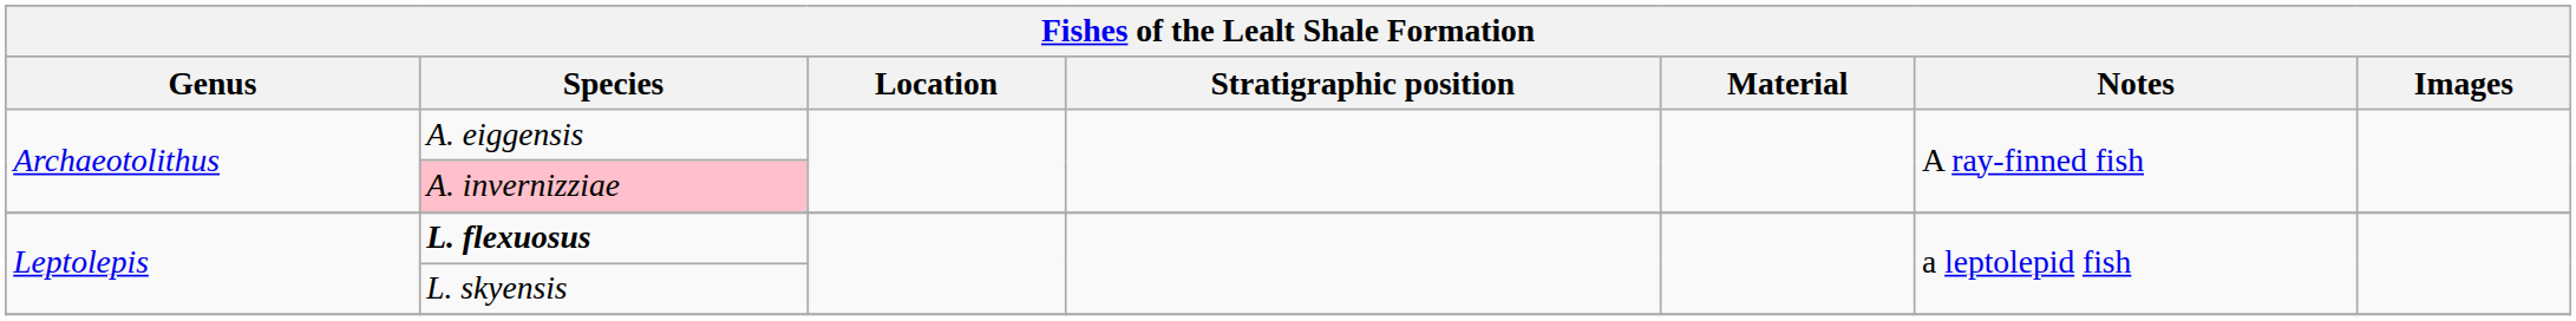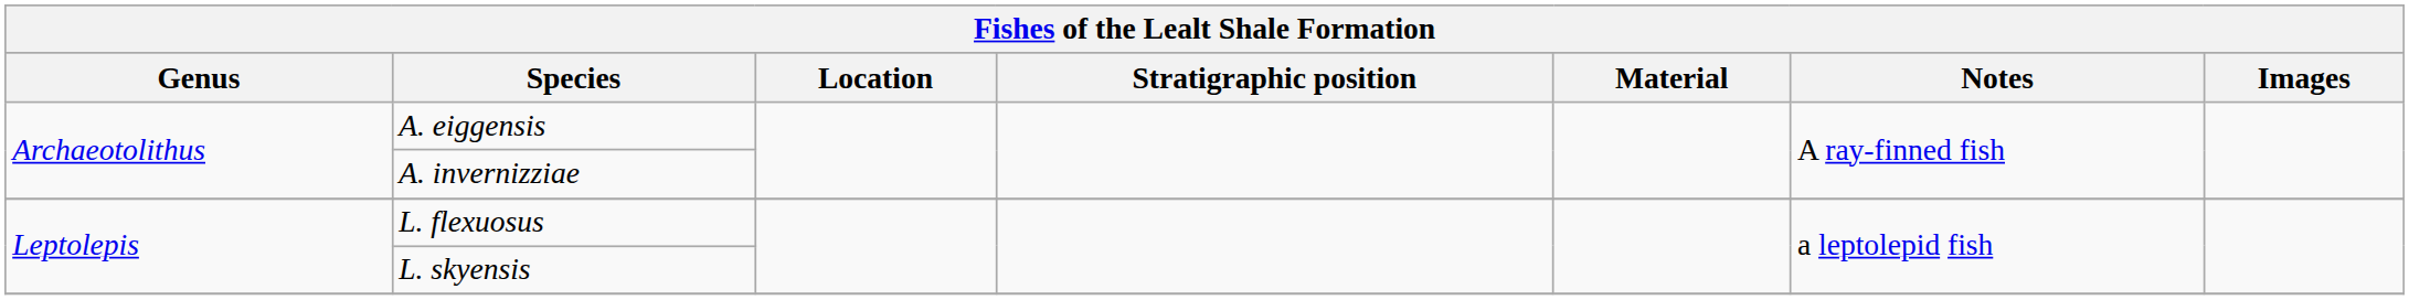 <table class="wikitable" align="center" width="100%">
 <tr>
 <th colspan="7" align="center"><strong><a href='#'>Fishes</a> of the Lealt Shale Formation</strong></th>
 </tr>
 <tr>
 <th>Genus</th>
 <th>Species</th>
 <th>Location</th>
 <th>Stratigraphic position</th>
 <th>Material</th>
 <th>Notes</th>
 <th>Images</th>
 </tr>
 <tr>
 <td rowspan=2><em><a href='#'>Archaeotolithus</a></em></td>
 <td><em>A. eiggensis</em></td>
 <td rowspan=2></td>
 <td rowspan=2></td>
 <td rowspan=2></td>
 <td rowspan=2>A <a href='#'>ray-finned fish</a></td>
 <td rowspan=2></td>
 </tr>
 <tr>
-<td style="background: pink;"><em>A. invernizziae</em></td>
+<td><em>A. invernizziae</em></td>
 </tr>
 <tr>
 </tr>
 <tr>
 <td rowspan=2><em><a href='#'>Leptolepis</a></em></td>
-<td><strong><em>L. flexuosus</em></strong></td>
+<td><em>L. flexuosus</em></td>
 <td rowspan=2></td>
 <td rowspan=2></td>
 <td rowspan=2></td>
 <td rowspan=2>a <a href='#'>leptolepid</a> <a href='#'>fish</a></td>
 <td rowspan=2></td>
 </tr>
 <tr>
 <td><em>L. skyensis</em></td>
 </tr>
 <tr>
 </tr>
 </table>
